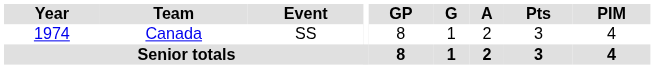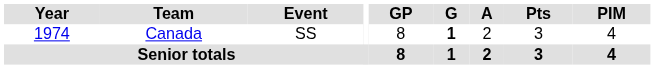 <table border="0" cellpadding="1" cellspacing="0" ID="Table3" style="text-align:center; width:40em">
 <tr bgcolor="#e0e0e0">
 <th>Year</th>
 <th>Team</th>
 <th>Event</th>
 <th rowspan="102" bgcolor="#ffffff"></th>
 <th>GP</th>
 <th>G</th>
 <th>A</th>
 <th>Pts</th>
 <th>PIM</th>
 </tr>
 <tr>
 <td><a href='#'>1974</a></td>
 <td><a href='#'>Canada</a></td>
 <td>SS</td>
 <td>8</td>
-<td>1</td>
+<td><strong>1</strong></td>
 <td>2</td>
 <td>3</td>
 <td>4</td>
 </tr>
 <tr bgcolor="#e0e0e0">
 <th colspan="4">Senior totals</th>
 <th>8</th>
 <th>1</th>
 <th>2</th>
 <th>3</th>
 <th>4</th>
 </tr>
 </table>
